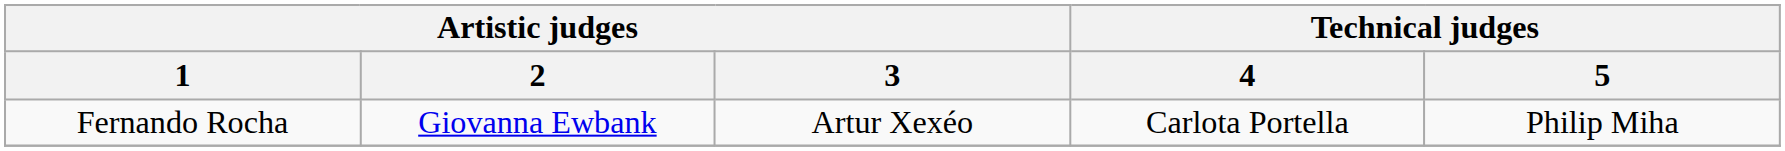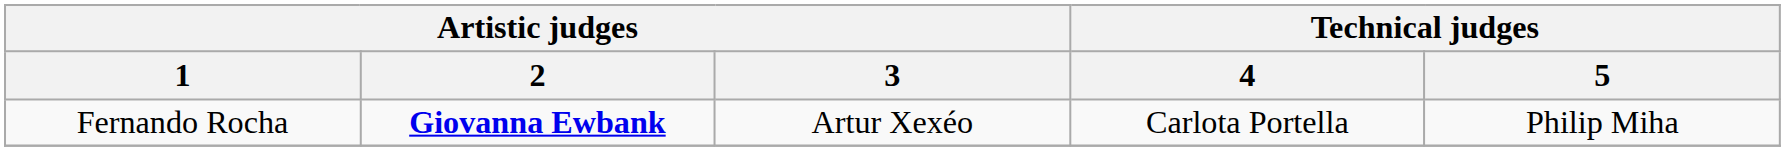 <table class="wikitable" style="font-size:100%; line-height:16px; text-align:center" width="100%">
 <tr>
 <th colspan=3>Artistic judges</th>
 <th colspan=2>Technical judges</th>
 </tr>
 <tr>
 <th style="width:20.0%;">1</th>
 <th style="width:20.0%;">2</th>
 <th style="width:20.0%;">3</th>
 <th style="width:20.0%;">4</th>
 <th style="width:20.0%;">5</th>
 </tr>
 <tr>
 <td>Fernando Rocha</td>
-<td><a href='#'>Giovanna Ewbank</a></td>
+<td><strong><a href='#'>Giovanna Ewbank</a></strong></td>
 <td>Artur Xexéo</td>
 <td>Carlota Portella</td>
 <td>Philip Miha</td>
 </tr>
 <tr>
 </tr>
 </table>
